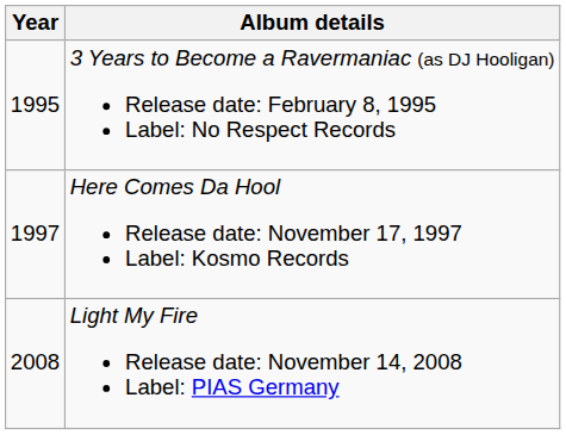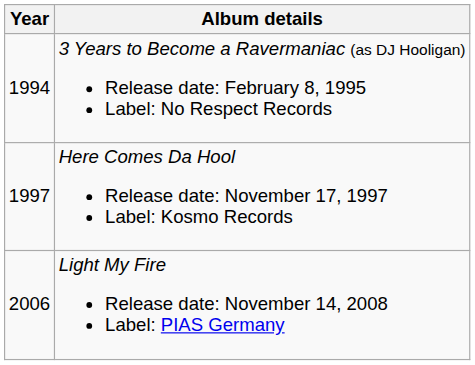 <table class="wikitable">
 <tr>
 <th>Year</th>
 <th>Album details</th>
 </tr>
 <tr>
-<td>1995</td>
+<td>1994</td>
 <td><em>3 Years to Become a Ravermaniac</em> <small>(as DJ Hooligan)</small><br><ul><li>Release date: February 8, 1995</li><li>Label: No Respect Records</li></ul></td>
 </tr>
 <tr>
 <td>1997</td>
 <td><em>Here Comes Da Hool</em><br><ul><li>Release date: November 17, 1997</li><li>Label: Kosmo Records</li></ul></td>
 </tr>
 <tr>
-<td>2008</td>
+<td>2006</td>
 <td><em>Light My Fire</em><br><ul><li>Release date: November 14, 2008</li><li>Label: <a href='#'>PIAS Germany</a></li></ul></td>
 </tr>
 </table>
